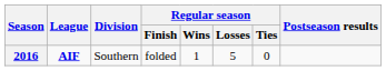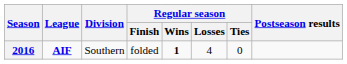 <table class="wikitable" style="text-align:center; font-size: 95%;">
 <tr>
 <th rowspan="2"><a href='#'>Season</a></th>
 <th rowspan="2"><a href='#'>League</a></th>
 <th rowspan="2"><a href='#'>Division</a></th>
 <th colspan="4"><a href='#'>Regular season</a></th>
 <th rowspan="2"><a href='#'>Postseason</a> results</th>
 </tr>
 <tr>
 <th>Finish</th>
 <th>Wins</th>
 <th>Losses</th>
 <th>Ties</th>
 </tr>
 <tr>
 <th><a href='#'>2016</a></th>
 <td><strong><a href='#'>AIF</a></strong></td>
 <td>Southern</td>
 <td>folded</td>
-<td>1</td>
-<td>5</td>
+<td><strong>1</strong></td>
+<td>4</td>
 <td>0</td>
 <td></td>
 </tr>
 </table>
